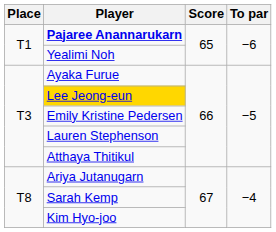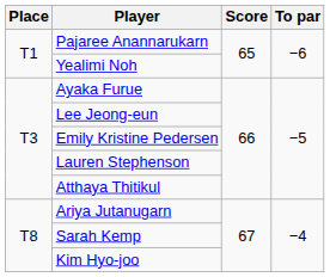 <table class="wikitable">
 <tr>
 <th>Place</th>
 <th>Player</th>
 <th>Score</th>
 <th>To par</th>
 </tr>
 <tr>
 <td align=center rowspan=2>T1</td>
-<td><strong> <a href='#'>Pajaree Anannarukarn</a></strong></td>
+<td> <a href='#'>Pajaree Anannarukarn</a></td>
 <td align=center rowspan=2>65</td>
 <td align=center rowspan=2>−6</td>
 </tr>
 <tr>
 <td> <a href='#'>Yealimi Noh</a></td>
 </tr>
 <tr>
 <td align=center rowspan=5>T3</td>
 <td> <a href='#'>Ayaka Furue</a></td>
 <td align=center rowspan=5>66</td>
 <td align=center rowspan=5>−5</td>
 </tr>
 <tr>
-<td style="background: gold;"> <a href='#'>Lee Jeong-eun</a></td>
+<td> <a href='#'>Lee Jeong-eun</a></td>
 </tr>
 <tr>
 <td> <a href='#'>Emily Kristine Pedersen</a></td>
 </tr>
 <tr>
 <td> <a href='#'>Lauren Stephenson</a></td>
 </tr>
 <tr>
 <td> <a href='#'>Atthaya Thitikul</a></td>
 </tr>
 <tr>
 <td align=center rowspan=3>T8</td>
 <td> <a href='#'>Ariya Jutanugarn</a></td>
 <td align=center rowspan=3>67</td>
 <td align=center rowspan=3>−4</td>
 </tr>
 <tr>
 <td> <a href='#'>Sarah Kemp</a></td>
 </tr>
 <tr>
 <td> <a href='#'>Kim Hyo-joo</a></td>
 </tr>
 </table>
